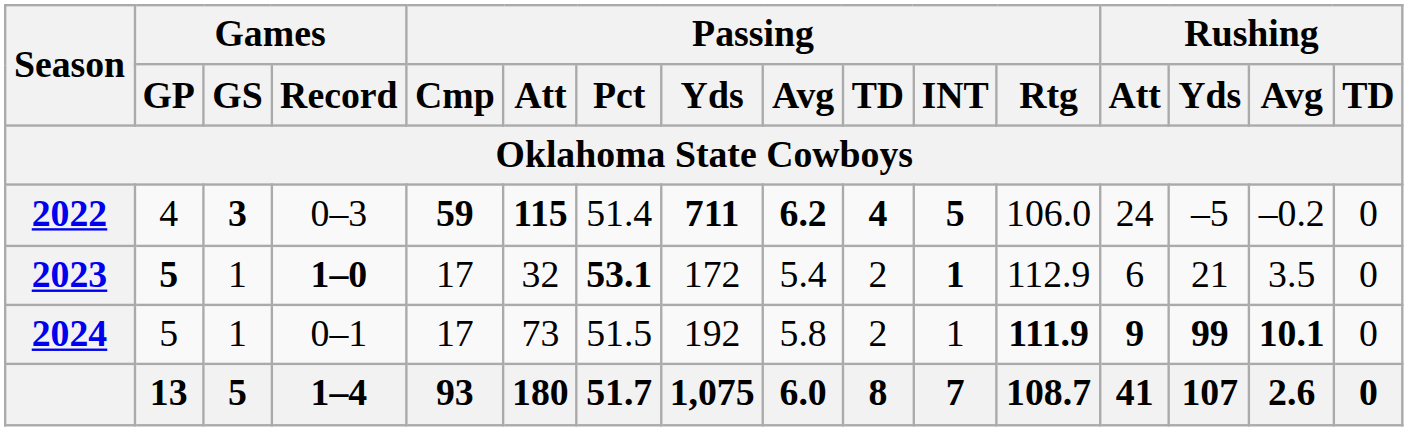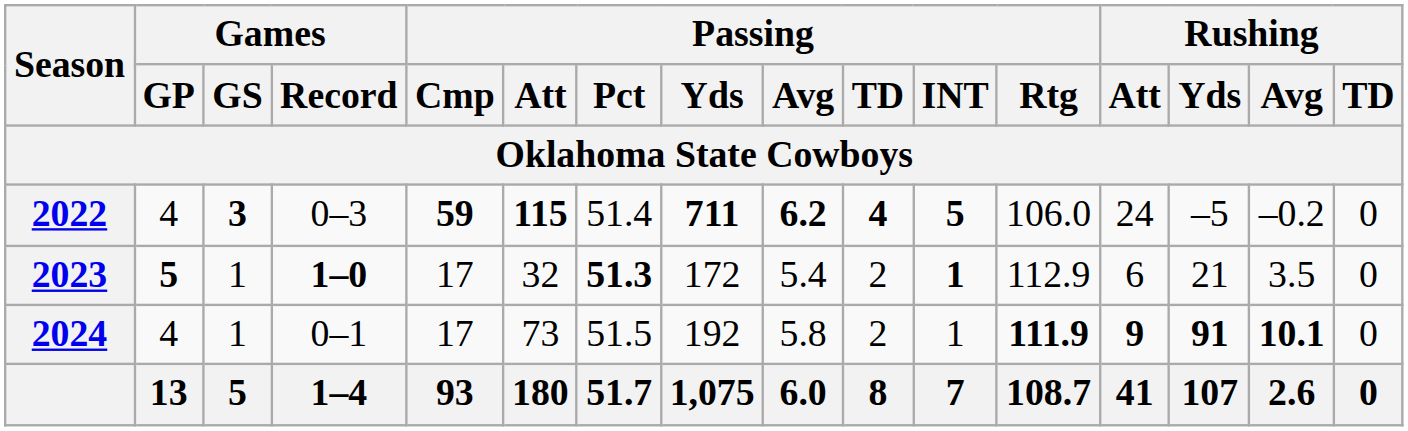 <table class="wikitable" style="text-align:center;">
 <tr>
 <th rowspan="2">Season</th>
 <th colspan="3">Games</th>
 <th colspan="8">Passing</th>
 <th colspan="4">Rushing</th>
 </tr>
 <tr>
 <th>GP</th>
 <th>GS</th>
 <th>Record</th>
 <th>Cmp</th>
 <th>Att</th>
 <th>Pct</th>
 <th>Yds</th>
 <th>Avg</th>
 <th>TD</th>
 <th>INT</th>
 <th>Rtg</th>
 <th>Att</th>
 <th>Yds</th>
 <th>Avg</th>
 <th>TD</th>
 </tr>
 <tr>
 <th colspan="16">Oklahoma State Cowboys</th>
 </tr>
 <tr>
 <th><a href='#'>2022</a></th>
 <td>4</td>
 <td><strong>3</strong></td>
 <td>0–3</td>
 <td><strong>59</strong></td>
 <td><strong>115</strong></td>
 <td>51.4</td>
 <td><strong>711</strong></td>
 <td><strong>6.2</strong></td>
 <td><strong>4</strong></td>
 <td><strong>5</strong></td>
 <td>106.0</td>
 <td>24</td>
 <td>–5</td>
 <td>–0.2</td>
 <td>0</td>
 </tr>
 <tr>
 <th><a href='#'>2023</a></th>
 <td><strong>5</strong></td>
 <td>1</td>
 <td><strong>1–0</strong></td>
 <td>17</td>
 <td>32</td>
-<td><strong>53.1</strong></td>
+<td><strong>51.3</strong></td>
 <td>172</td>
 <td>5.4</td>
 <td>2</td>
 <td><strong>1</strong></td>
 <td>112.9</td>
 <td>6</td>
 <td>21</td>
 <td>3.5</td>
 <td>0</td>
 </tr>
 <tr>
 <th><a href='#'>2024</a></th>
-<td>5</td>
+<td>4</td>
 <td>1</td>
 <td>0–1</td>
 <td>17</td>
 <td>73</td>
 <td>51.5</td>
 <td>192</td>
 <td>5.8</td>
 <td>2</td>
 <td>1</td>
 <td><strong>111.9</strong></td>
 <td><strong>9</strong></td>
-<td><strong>99</strong></td>
+<td><strong>91</strong></td>
 <td><strong>10.1</strong></td>
 <td>0</td>
 </tr>
 <tr>
 <th></th>
 <th>13</th>
 <th>5</th>
 <th>1–4</th>
 <th>93</th>
 <th>180</th>
 <th>51.7</th>
 <th>1,075</th>
 <th>6.0</th>
 <th>8</th>
 <th>7</th>
 <th>108.7</th>
 <th>41</th>
 <th>107</th>
 <th>2.6</th>
 <th>0</th>
 </tr>
 </table>
